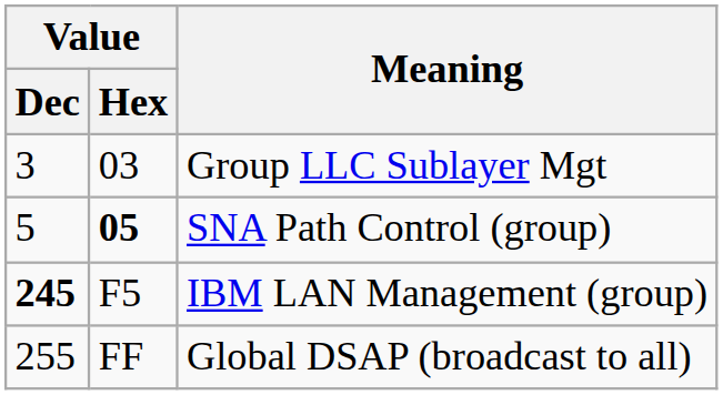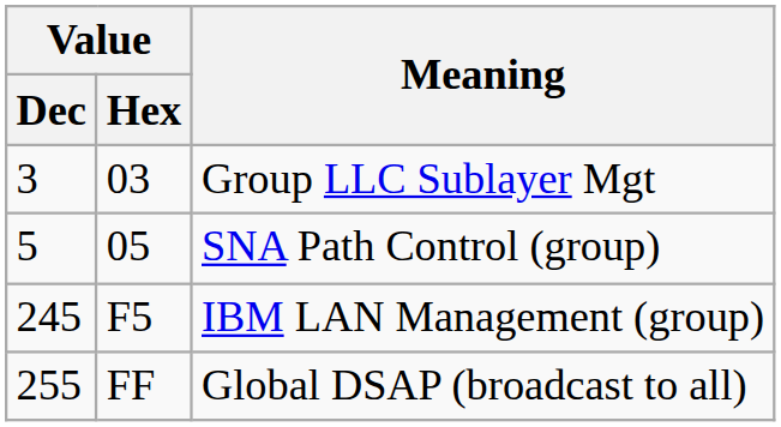 <table class="wikitable">
 <tr>
 <th colspan="2">Value</th>
 <th rowspan="2">Meaning</th>
 </tr>
 <tr>
 <th>Dec</th>
 <th>Hex</th>
 </tr>
 <tr>
 <td>3</td>
 <td>03</td>
 <td>Group <a href='#'>LLC Sublayer</a> Mgt</td>
 </tr>
 <tr>
 <td>5</td>
-<td><strong>05</strong></td>
+<td>05</td>
 <td><a href='#'>SNA</a> Path Control (group)</td>
 </tr>
 <tr>
-<td><strong>245</strong></td>
+<td>245</td>
 <td>F5</td>
 <td><a href='#'>IBM</a> LAN Management (group)</td>
 </tr>
 <tr>
 <td>255</td>
 <td>FF</td>
 <td>Global DSAP (broadcast to all)</td>
 </tr>
 </table>
